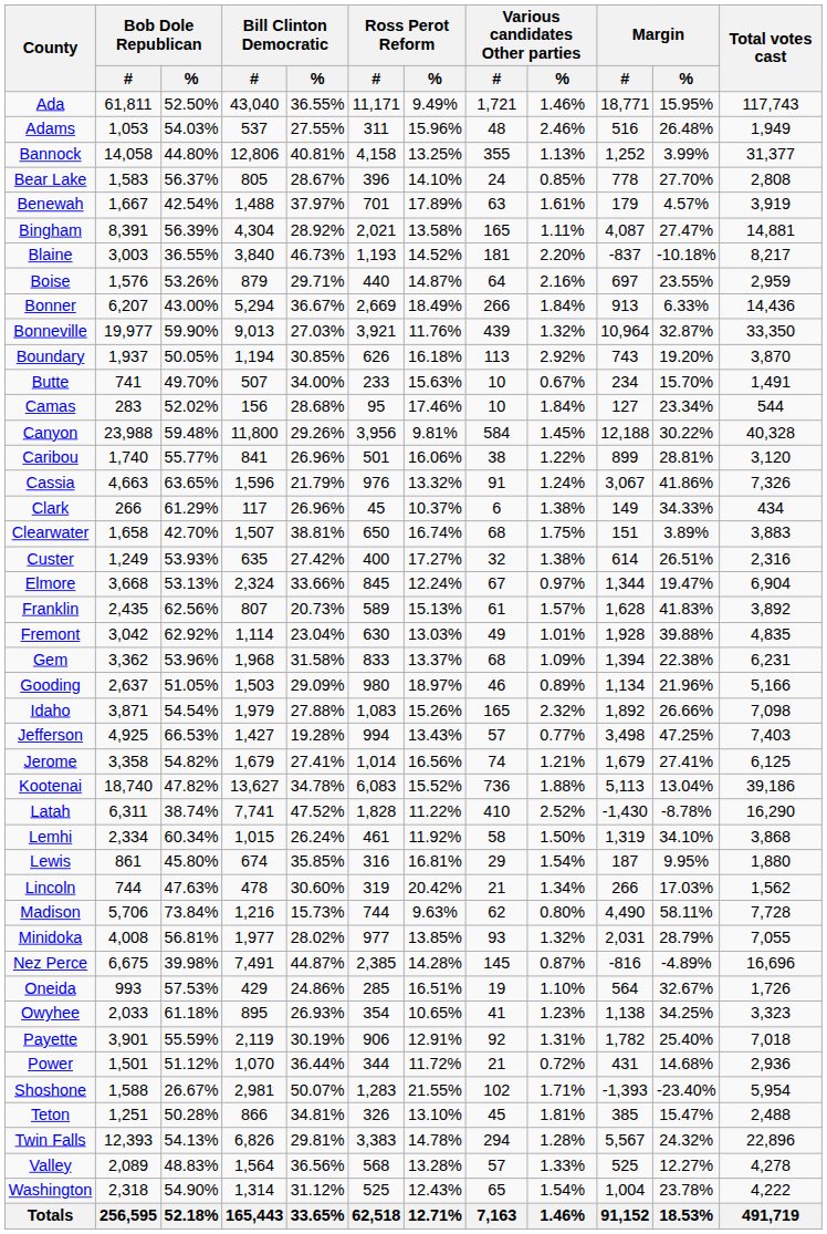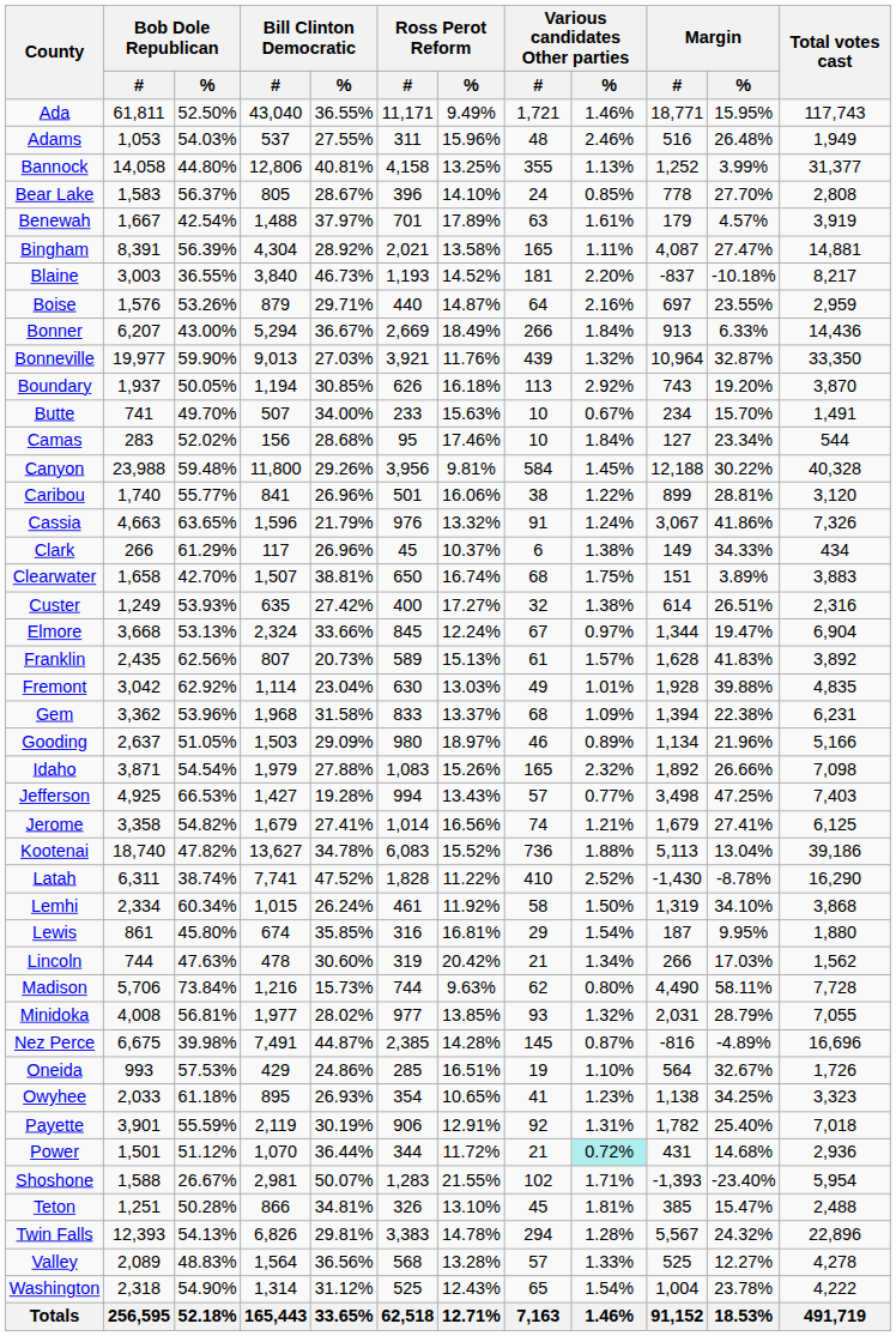 <table width="65%"  class="wikitable sortable" style="text-align:center">
 <tr>
 <th style="text-align:center;" rowspan="2">County</th>
 <th style="text-align:center;" colspan="2">Bob Dole<br>Republican</th>
 <th style="text-align:center;" colspan="2">Bill Clinton<br>Democratic</th>
 <th style="text-align:center;" colspan="2">Ross Perot<br>Reform</th>
 <th style="text-align:center;" colspan="2">Various candidates<br>Other parties</th>
 <th style="text-align:center;" colspan="2">Margin</th>
 <th style="text-align:center;" rowspan="2">Total votes cast</th>
 </tr>
 <tr>
 <th style="text-align:center;" data-sort-type="number">#</th>
 <th style="text-align:center;" data-sort-type="number">%</th>
 <th style="text-align:center;" data-sort-type="number">#</th>
 <th style="text-align:center;" data-sort-type="number">%</th>
 <th style="text-align:center;" data-sort-type="number">#</th>
 <th style="text-align:center;" data-sort-type="number">%</th>
 <th style="text-align:center;" data-sort-type="number">#</th>
 <th style="text-align:center;" data-sort-type="number">%</th>
 <th style="text-align:center;" data-sort-type="number">#</th>
 <th style="text-align:center;" data-sort-type="number">%</th>
 </tr>
 <tr style="text-align:center;">
 <td><a href='#'>Ada</a></td>
 <td>61,811</td>
 <td>52.50%</td>
 <td>43,040</td>
 <td>36.55%</td>
 <td>11,171</td>
 <td>9.49%</td>
 <td>1,721</td>
 <td>1.46%</td>
 <td>18,771</td>
 <td>15.95%</td>
 <td>117,743</td>
 </tr>
 <tr style="text-align:center;">
 <td><a href='#'>Adams</a></td>
 <td>1,053</td>
 <td>54.03%</td>
 <td>537</td>
 <td>27.55%</td>
 <td>311</td>
 <td>15.96%</td>
 <td>48</td>
 <td>2.46%</td>
 <td>516</td>
 <td>26.48%</td>
 <td>1,949</td>
 </tr>
 <tr style="text-align:center;">
 <td><a href='#'>Bannock</a></td>
 <td>14,058</td>
 <td>44.80%</td>
 <td>12,806</td>
 <td>40.81%</td>
 <td>4,158</td>
 <td>13.25%</td>
 <td>355</td>
 <td>1.13%</td>
 <td>1,252</td>
 <td>3.99%</td>
 <td>31,377</td>
 </tr>
 <tr style="text-align:center;">
 <td><a href='#'>Bear Lake</a></td>
 <td>1,583</td>
 <td>56.37%</td>
 <td>805</td>
 <td>28.67%</td>
 <td>396</td>
 <td>14.10%</td>
 <td>24</td>
 <td>0.85%</td>
 <td>778</td>
 <td>27.70%</td>
 <td>2,808</td>
 </tr>
 <tr style="text-align:center;">
 <td><a href='#'>Benewah</a></td>
 <td>1,667</td>
 <td>42.54%</td>
 <td>1,488</td>
 <td>37.97%</td>
 <td>701</td>
 <td>17.89%</td>
 <td>63</td>
 <td>1.61%</td>
 <td>179</td>
 <td>4.57%</td>
 <td>3,919</td>
 </tr>
 <tr style="text-align:center;">
 <td><a href='#'>Bingham</a></td>
 <td>8,391</td>
 <td>56.39%</td>
 <td>4,304</td>
 <td>28.92%</td>
 <td>2,021</td>
 <td>13.58%</td>
 <td>165</td>
 <td>1.11%</td>
 <td>4,087</td>
 <td>27.47%</td>
 <td>14,881</td>
 </tr>
 <tr style="text-align:center;">
 <td><a href='#'>Blaine</a></td>
 <td>3,003</td>
 <td>36.55%</td>
 <td>3,840</td>
 <td>46.73%</td>
 <td>1,193</td>
 <td>14.52%</td>
 <td>181</td>
 <td>2.20%</td>
 <td>-837</td>
 <td>-10.18%</td>
 <td>8,217</td>
 </tr>
 <tr style="text-align:center;">
 <td><a href='#'>Boise</a></td>
 <td>1,576</td>
 <td>53.26%</td>
 <td>879</td>
 <td>29.71%</td>
 <td>440</td>
 <td>14.87%</td>
 <td>64</td>
 <td>2.16%</td>
 <td>697</td>
 <td>23.55%</td>
 <td>2,959</td>
 </tr>
 <tr style="text-align:center;">
 <td><a href='#'>Bonner</a></td>
 <td>6,207</td>
 <td>43.00%</td>
 <td>5,294</td>
 <td>36.67%</td>
 <td>2,669</td>
 <td>18.49%</td>
 <td>266</td>
 <td>1.84%</td>
 <td>913</td>
 <td>6.33%</td>
 <td>14,436</td>
 </tr>
 <tr style="text-align:center;">
 <td><a href='#'>Bonneville</a></td>
 <td>19,977</td>
 <td>59.90%</td>
 <td>9,013</td>
 <td>27.03%</td>
 <td>3,921</td>
 <td>11.76%</td>
 <td>439</td>
 <td>1.32%</td>
 <td>10,964</td>
 <td>32.87%</td>
 <td>33,350</td>
 </tr>
 <tr style="text-align:center;">
 <td><a href='#'>Boundary</a></td>
 <td>1,937</td>
 <td>50.05%</td>
 <td>1,194</td>
 <td>30.85%</td>
 <td>626</td>
 <td>16.18%</td>
 <td>113</td>
 <td>2.92%</td>
 <td>743</td>
 <td>19.20%</td>
 <td>3,870</td>
 </tr>
 <tr style="text-align:center;">
 <td><a href='#'>Butte</a></td>
 <td>741</td>
 <td>49.70%</td>
 <td>507</td>
 <td>34.00%</td>
 <td>233</td>
 <td>15.63%</td>
 <td>10</td>
 <td>0.67%</td>
 <td>234</td>
 <td>15.70%</td>
 <td>1,491</td>
 </tr>
 <tr style="text-align:center;">
 <td><a href='#'>Camas</a></td>
 <td>283</td>
 <td>52.02%</td>
 <td>156</td>
 <td>28.68%</td>
 <td>95</td>
 <td>17.46%</td>
 <td>10</td>
 <td>1.84%</td>
 <td>127</td>
 <td>23.34%</td>
 <td>544</td>
 </tr>
 <tr style="text-align:center;">
 <td><a href='#'>Canyon</a></td>
 <td>23,988</td>
 <td>59.48%</td>
 <td>11,800</td>
 <td>29.26%</td>
 <td>3,956</td>
 <td>9.81%</td>
 <td>584</td>
 <td>1.45%</td>
 <td>12,188</td>
 <td>30.22%</td>
 <td>40,328</td>
 </tr>
 <tr style="text-align:center;">
 <td><a href='#'>Caribou</a></td>
 <td>1,740</td>
 <td>55.77%</td>
 <td>841</td>
 <td>26.96%</td>
 <td>501</td>
 <td>16.06%</td>
 <td>38</td>
 <td>1.22%</td>
 <td>899</td>
 <td>28.81%</td>
 <td>3,120</td>
 </tr>
 <tr style="text-align:center;">
 <td><a href='#'>Cassia</a></td>
 <td>4,663</td>
 <td>63.65%</td>
 <td>1,596</td>
 <td>21.79%</td>
 <td>976</td>
 <td>13.32%</td>
 <td>91</td>
 <td>1.24%</td>
 <td>3,067</td>
 <td>41.86%</td>
 <td>7,326</td>
 </tr>
 <tr style="text-align:center;">
 <td><a href='#'>Clark</a></td>
 <td>266</td>
 <td>61.29%</td>
 <td>117</td>
 <td>26.96%</td>
 <td>45</td>
 <td>10.37%</td>
 <td>6</td>
 <td>1.38%</td>
 <td>149</td>
 <td>34.33%</td>
 <td>434</td>
 </tr>
 <tr style="text-align:center;">
 <td><a href='#'>Clearwater</a></td>
 <td>1,658</td>
 <td>42.70%</td>
 <td>1,507</td>
 <td>38.81%</td>
 <td>650</td>
 <td>16.74%</td>
 <td>68</td>
 <td>1.75%</td>
 <td>151</td>
 <td>3.89%</td>
 <td>3,883</td>
 </tr>
 <tr style="text-align:center;">
 <td><a href='#'>Custer</a></td>
 <td>1,249</td>
 <td>53.93%</td>
 <td>635</td>
 <td>27.42%</td>
 <td>400</td>
 <td>17.27%</td>
 <td>32</td>
 <td>1.38%</td>
 <td>614</td>
 <td>26.51%</td>
 <td>2,316</td>
 </tr>
 <tr style="text-align:center;">
 <td><a href='#'>Elmore</a></td>
 <td>3,668</td>
 <td>53.13%</td>
 <td>2,324</td>
 <td>33.66%</td>
 <td>845</td>
 <td>12.24%</td>
 <td>67</td>
 <td>0.97%</td>
 <td>1,344</td>
 <td>19.47%</td>
 <td>6,904</td>
 </tr>
 <tr style="text-align:center;">
 <td><a href='#'>Franklin</a></td>
 <td>2,435</td>
 <td>62.56%</td>
 <td>807</td>
 <td>20.73%</td>
 <td>589</td>
 <td>15.13%</td>
 <td>61</td>
 <td>1.57%</td>
 <td>1,628</td>
 <td>41.83%</td>
 <td>3,892</td>
 </tr>
 <tr style="text-align:center;">
 <td><a href='#'>Fremont</a></td>
 <td>3,042</td>
 <td>62.92%</td>
 <td>1,114</td>
 <td>23.04%</td>
 <td>630</td>
 <td>13.03%</td>
 <td>49</td>
 <td>1.01%</td>
 <td>1,928</td>
 <td>39.88%</td>
 <td>4,835</td>
 </tr>
 <tr style="text-align:center;">
 <td><a href='#'>Gem</a></td>
 <td>3,362</td>
 <td>53.96%</td>
 <td>1,968</td>
 <td>31.58%</td>
 <td>833</td>
 <td>13.37%</td>
 <td>68</td>
 <td>1.09%</td>
 <td>1,394</td>
 <td>22.38%</td>
 <td>6,231</td>
 </tr>
 <tr style="text-align:center;">
 <td><a href='#'>Gooding</a></td>
 <td>2,637</td>
 <td>51.05%</td>
 <td>1,503</td>
 <td>29.09%</td>
 <td>980</td>
 <td>18.97%</td>
 <td>46</td>
 <td>0.89%</td>
 <td>1,134</td>
 <td>21.96%</td>
 <td>5,166</td>
 </tr>
 <tr style="text-align:center;">
 <td><a href='#'>Idaho</a></td>
 <td>3,871</td>
 <td>54.54%</td>
 <td>1,979</td>
 <td>27.88%</td>
 <td>1,083</td>
 <td>15.26%</td>
 <td>165</td>
 <td>2.32%</td>
 <td>1,892</td>
 <td>26.66%</td>
 <td>7,098</td>
 </tr>
 <tr style="text-align:center;">
 <td><a href='#'>Jefferson</a></td>
 <td>4,925</td>
 <td>66.53%</td>
 <td>1,427</td>
 <td>19.28%</td>
 <td>994</td>
 <td>13.43%</td>
 <td>57</td>
 <td>0.77%</td>
 <td>3,498</td>
 <td>47.25%</td>
 <td>7,403</td>
 </tr>
 <tr style="text-align:center;">
 <td><a href='#'>Jerome</a></td>
 <td>3,358</td>
 <td>54.82%</td>
 <td>1,679</td>
 <td>27.41%</td>
 <td>1,014</td>
 <td>16.56%</td>
 <td>74</td>
 <td>1.21%</td>
 <td>1,679</td>
 <td>27.41%</td>
 <td>6,125</td>
 </tr>
 <tr style="text-align:center;">
 <td><a href='#'>Kootenai</a></td>
 <td>18,740</td>
 <td>47.82%</td>
 <td>13,627</td>
 <td>34.78%</td>
 <td>6,083</td>
 <td>15.52%</td>
 <td>736</td>
 <td>1.88%</td>
 <td>5,113</td>
 <td>13.04%</td>
 <td>39,186</td>
 </tr>
 <tr style="text-align:center;">
 <td><a href='#'>Latah</a></td>
 <td>6,311</td>
 <td>38.74%</td>
 <td>7,741</td>
 <td>47.52%</td>
 <td>1,828</td>
 <td>11.22%</td>
 <td>410</td>
 <td>2.52%</td>
 <td>-1,430</td>
 <td>-8.78%</td>
 <td>16,290</td>
 </tr>
 <tr style="text-align:center;">
 <td><a href='#'>Lemhi</a></td>
 <td>2,334</td>
 <td>60.34%</td>
 <td>1,015</td>
 <td>26.24%</td>
 <td>461</td>
 <td>11.92%</td>
 <td>58</td>
 <td>1.50%</td>
 <td>1,319</td>
 <td>34.10%</td>
 <td>3,868</td>
 </tr>
 <tr style="text-align:center;">
 <td><a href='#'>Lewis</a></td>
 <td>861</td>
 <td>45.80%</td>
 <td>674</td>
 <td>35.85%</td>
 <td>316</td>
 <td>16.81%</td>
 <td>29</td>
 <td>1.54%</td>
 <td>187</td>
 <td>9.95%</td>
 <td>1,880</td>
 </tr>
 <tr style="text-align:center;">
 <td><a href='#'>Lincoln</a></td>
 <td>744</td>
 <td>47.63%</td>
 <td>478</td>
 <td>30.60%</td>
 <td>319</td>
 <td>20.42%</td>
 <td>21</td>
 <td>1.34%</td>
 <td>266</td>
 <td>17.03%</td>
 <td>1,562</td>
 </tr>
 <tr style="text-align:center;">
 <td><a href='#'>Madison</a></td>
 <td>5,706</td>
 <td>73.84%</td>
 <td>1,216</td>
 <td>15.73%</td>
 <td>744</td>
 <td>9.63%</td>
 <td>62</td>
 <td>0.80%</td>
 <td>4,490</td>
 <td>58.11%</td>
 <td>7,728</td>
 </tr>
 <tr style="text-align:center;">
 <td><a href='#'>Minidoka</a></td>
 <td>4,008</td>
 <td>56.81%</td>
 <td>1,977</td>
 <td>28.02%</td>
 <td>977</td>
 <td>13.85%</td>
 <td>93</td>
 <td>1.32%</td>
 <td>2,031</td>
 <td>28.79%</td>
 <td>7,055</td>
 </tr>
 <tr style="text-align:center;">
 <td><a href='#'>Nez Perce</a></td>
 <td>6,675</td>
 <td>39.98%</td>
 <td>7,491</td>
 <td>44.87%</td>
 <td>2,385</td>
 <td>14.28%</td>
 <td>145</td>
 <td>0.87%</td>
 <td>-816</td>
 <td>-4.89%</td>
 <td>16,696</td>
 </tr>
 <tr style="text-align:center;">
 <td><a href='#'>Oneida</a></td>
 <td>993</td>
 <td>57.53%</td>
 <td>429</td>
 <td>24.86%</td>
 <td>285</td>
 <td>16.51%</td>
 <td>19</td>
 <td>1.10%</td>
 <td>564</td>
 <td>32.67%</td>
 <td>1,726</td>
 </tr>
 <tr style="text-align:center;">
 <td><a href='#'>Owyhee</a></td>
 <td>2,033</td>
 <td>61.18%</td>
 <td>895</td>
 <td>26.93%</td>
 <td>354</td>
 <td>10.65%</td>
 <td>41</td>
 <td>1.23%</td>
 <td>1,138</td>
 <td>34.25%</td>
 <td>3,323</td>
 </tr>
 <tr style="text-align:center;">
 <td><a href='#'>Payette</a></td>
 <td>3,901</td>
 <td>55.59%</td>
 <td>2,119</td>
 <td>30.19%</td>
 <td>906</td>
 <td>12.91%</td>
 <td>92</td>
 <td>1.31%</td>
 <td>1,782</td>
 <td>25.40%</td>
 <td>7,018</td>
 </tr>
 <tr style="text-align:center;">
 <td><a href='#'>Power</a></td>
 <td>1,501</td>
 <td>51.12%</td>
 <td>1,070</td>
 <td>36.44%</td>
 <td>344</td>
 <td>11.72%</td>
 <td>21</td>
-<td>0.72%</td>
+<td style="background: paleturquoise;">0.72%</td>
 <td>431</td>
 <td>14.68%</td>
 <td>2,936</td>
 </tr>
 <tr style="text-align:center;">
 <td><a href='#'>Shoshone</a></td>
 <td>1,588</td>
 <td>26.67%</td>
 <td>2,981</td>
 <td>50.07%</td>
 <td>1,283</td>
 <td>21.55%</td>
 <td>102</td>
 <td>1.71%</td>
 <td>-1,393</td>
 <td>-23.40%</td>
 <td>5,954</td>
 </tr>
 <tr style="text-align:center;">
 <td><a href='#'>Teton</a></td>
 <td>1,251</td>
 <td>50.28%</td>
 <td>866</td>
 <td>34.81%</td>
 <td>326</td>
 <td>13.10%</td>
 <td>45</td>
 <td>1.81%</td>
 <td>385</td>
 <td>15.47%</td>
 <td>2,488</td>
 </tr>
 <tr style="text-align:center;">
 <td><a href='#'>Twin Falls</a></td>
 <td>12,393</td>
 <td>54.13%</td>
 <td>6,826</td>
 <td>29.81%</td>
 <td>3,383</td>
 <td>14.78%</td>
 <td>294</td>
 <td>1.28%</td>
 <td>5,567</td>
 <td>24.32%</td>
 <td>22,896</td>
 </tr>
 <tr style="text-align:center;">
 <td><a href='#'>Valley</a></td>
 <td>2,089</td>
 <td>48.83%</td>
 <td>1,564</td>
 <td>36.56%</td>
 <td>568</td>
 <td>13.28%</td>
 <td>57</td>
 <td>1.33%</td>
 <td>525</td>
 <td>12.27%</td>
 <td>4,278</td>
 </tr>
 <tr style="text-align:center;">
 <td><a href='#'>Washington</a></td>
 <td>2,318</td>
 <td>54.90%</td>
 <td>1,314</td>
 <td>31.12%</td>
 <td>525</td>
 <td>12.43%</td>
 <td>65</td>
 <td>1.54%</td>
 <td>1,004</td>
 <td>23.78%</td>
 <td>4,222</td>
 </tr>
 <tr style="text-align:center;">
 <th>Totals</th>
 <th>256,595</th>
 <th>52.18%</th>
 <th>165,443</th>
 <th>33.65%</th>
 <th>62,518</th>
 <th>12.71%</th>
 <th>7,163</th>
 <th>1.46%</th>
 <th>91,152</th>
 <th>18.53%</th>
 <th>491,719</th>
 </tr>
 </table>
